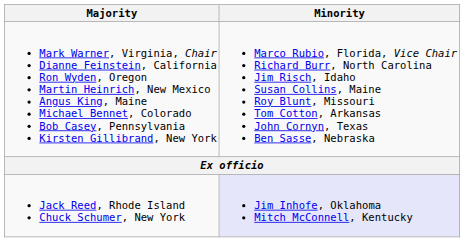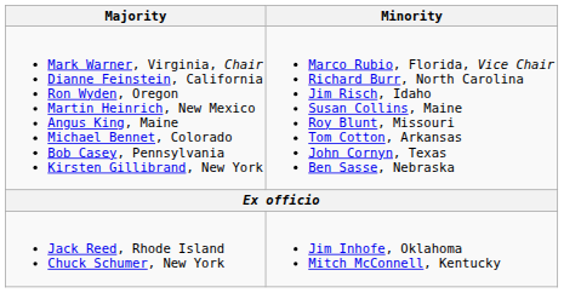 <table class=wikitable>
 <tr>
 <th>Majority</th>
 <th>Minority</th>
 </tr>
 <tr>
 <td><br><ul><li><a href='#'>Mark Warner</a>, Virginia, <em>Chair</em></li><li><a href='#'>Dianne Feinstein</a>, California</li><li><a href='#'>Ron Wyden</a>, Oregon</li><li><a href='#'>Martin Heinrich</a>, New Mexico</li><li><span><a href='#'>Angus King</a>, Maine</span></li><li><a href='#'>Michael Bennet</a>, Colorado</li><li><a href='#'>Bob Casey</a>, Pennsylvania</li><li><a href='#'>Kirsten Gillibrand</a>, New York</li></ul></td>
 <td><br><ul><li><a href='#'>Marco Rubio</a>, Florida, <em>Vice Chair</em></li><li><a href='#'>Richard Burr</a>, North Carolina</li><li><a href='#'>Jim Risch</a>, Idaho</li><li><a href='#'>Susan Collins</a>, Maine</li><li><a href='#'>Roy Blunt</a>, Missouri</li><li><a href='#'>Tom Cotton</a>, Arkansas</li><li><a href='#'>John Cornyn</a>, Texas</li><li><a href='#'>Ben Sasse</a>, Nebraska</li></ul></td>
 </tr>
 <tr>
 <th colspan=2><em>Ex officio</em></th>
 </tr>
 <tr>
 <td><br><ul><li><a href='#'>Jack Reed</a>, Rhode Island</li><li><a href='#'>Chuck Schumer</a>, New York</li></ul></td>
-<td style="background: lavender;"><br><ul><li><a href='#'>Jim Inhofe</a>, Oklahoma</li><li><a href='#'>Mitch McConnell</a>, Kentucky</li></ul></td>
+<td><br><ul><li><a href='#'>Jim Inhofe</a>, Oklahoma</li><li><a href='#'>Mitch McConnell</a>, Kentucky</li></ul></td>
 </tr>
 </table>
